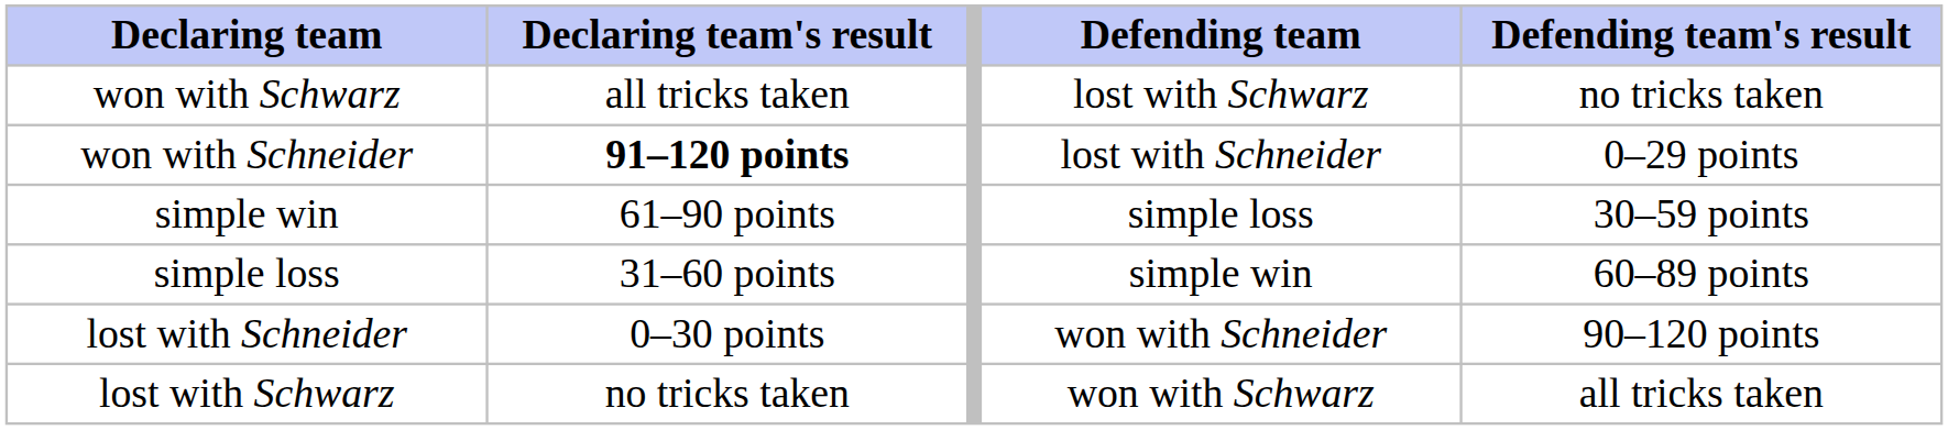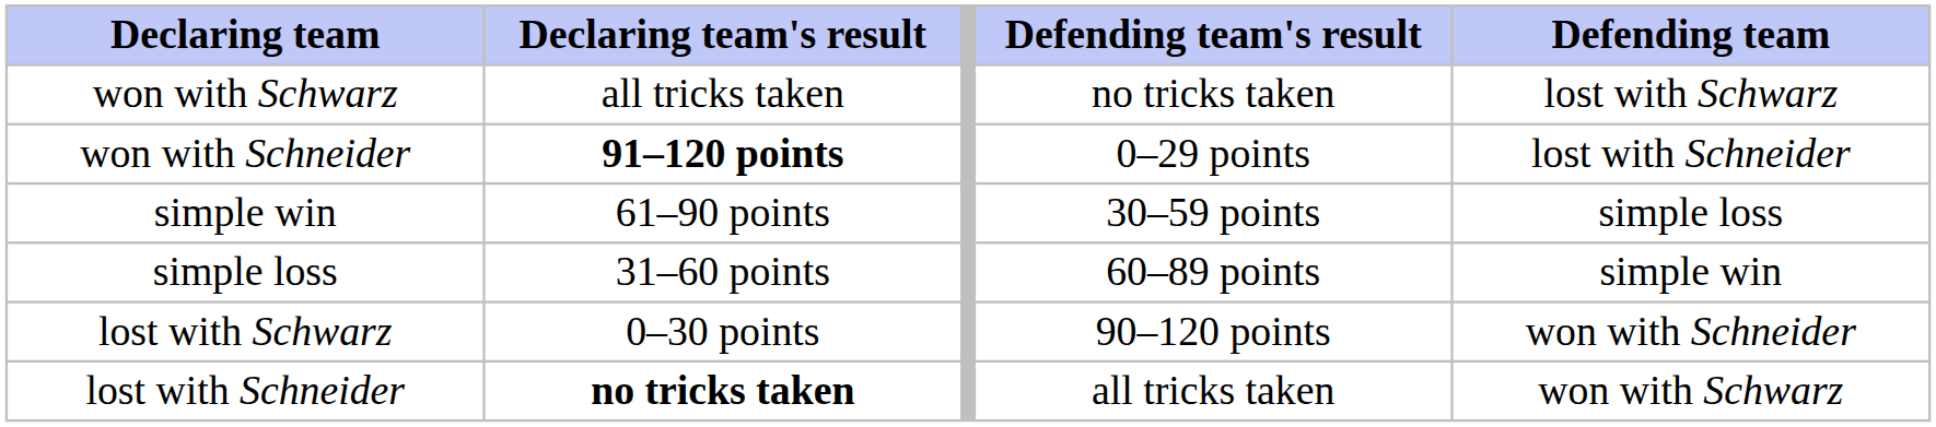 <table cellpadding="2" style="background: #C0C0C0; margin-left: 1em; border-spacing: 1px;">
 <tr align="center">
 <td style="background: #c0c8f8;" ! width="180"><strong>Declaring team</strong></td>
 <td style="background: #c0c8f8;" ! width="180"><strong>Declaring team's result</strong></td>
 <th></th>
+<td style="background: #c0c8f8;" ! width="180"><strong>Defending team's result</strong></td>
 <td style="background: #c0c8f8;" ! width="180"><strong>Defending team</strong></td>
-<td style="background: #c0c8f8;" ! width="180"><strong>Defending team's result</strong></td>
 </tr>
 <tr align="center">
 <td style="background: #ffffff;">won with <em>Schwarz</em></td>
 <td style="background: #ffffff;">all tricks taken</td>
 <th></th>
+<td style="background: #ffffff;">no tricks taken</td>
 <td style="background: #ffffff;">lost with <em>Schwarz</em></td>
-<td style="background: #ffffff;">no tricks taken</td>
 </tr>
 <tr align="center">
 <td style="background: #ffffff;">won with <em>Schneider</em></td>
 <td style="background: #ffffff;"><strong>91–120 points</strong></td>
 <th></th>
+<td style="background: #ffffff;">0–29 points</td>
 <td style="background: #ffffff;">lost with <em>Schneider</em></td>
-<td style="background: #ffffff;">0–29 points</td>
 </tr>
 <tr align="center">
 <td style="background: #ffffff;">simple win</td>
 <td style="background: #ffffff;">61–90 points</td>
 <th></th>
+<td style="background: #ffffff;">30–59 points</td>
 <td style="background: #ffffff;">simple loss</td>
-<td style="background: #ffffff;">30–59 points</td>
 </tr>
 <tr align="center">
 <td style="background: #ffffff;">simple loss</td>
 <td style="background: #ffffff;">31–60 points</td>
 <th></th>
+<td style="background: #ffffff;">60–89 points</td>
 <td style="background: #ffffff;">simple win</td>
-<td style="background: #ffffff;">60–89 points</td>
+</tr>
+<tr align="center">
+<td style="background: #ffffff;">lost with <em>Schwarz</em></td>
+<td style="background: #ffffff;">0–30 points</td>
+<th></th>
+<td style="background: #ffffff;">90–120 points</td>
+<td style="background: #ffffff;">won with <em>Schneider</em></td>
 </tr>
 <tr align="center">
 <td style="background: #ffffff;">lost with <em>Schneider</em></td>
-<td style="background: #ffffff;">0–30 points</td>
+<td style="background: #ffffff;"><strong>no tricks taken</strong></td>
 <th></th>
-<td style="background: #ffffff;">won with <em>Schneider</em></td>
-<td style="background: #ffffff;">90–120 points</td>
-</tr>
-<tr align="center">
-<td style="background: #ffffff;">lost with <em>Schwarz</em></td>
-<td style="background: #ffffff;">no tricks taken</td>
-<th></th>
+<td style="background: #ffffff;">all tricks taken</td>
 <td style="background: #ffffff;">won with <em>Schwarz</em></td>
-<td style="background: #ffffff;">all tricks taken</td>
 </tr>
 </table>
